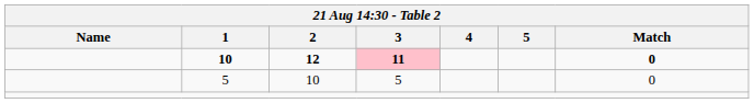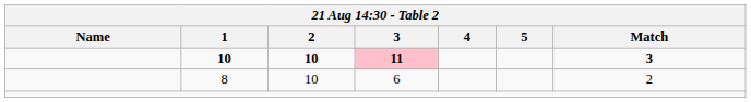 <table class=wikitable style="text-align:center; width: 55%">
 <tr>
 <th colspan=17><em>21 Aug 14:30 - Table 2</em></th>
 </tr>
 <tr>
 <th>Name</th>
 <th>1</th>
 <th>2</th>
 <th>3</th>
 <th>4</th>
 <th>5</th>
 <th>Match</th>
 </tr>
 <tr>
 <td style="text-align:left;"><strong></strong></td>
 <td><strong>10</strong></td>
-<td><strong>12</strong></td>
+<td><strong>10</strong></td>
 <td style="background: pink;"><strong>11</strong></td>
 <td></td>
 <td></td>
-<td><strong>0</strong></td>
+<td><strong>3</strong></td>
 </tr>
 <tr>
 <td style="text-align:left;"></td>
-<td>5</td>
+<td>8</td>
 <td>10</td>
-<td>5</td>
+<td>6</td>
 <td></td>
 <td></td>
-<td>0</td>
+<td>2</td>
 </tr>
 <tr>
 <td colspan=17></td>
 </tr>
 </table>
